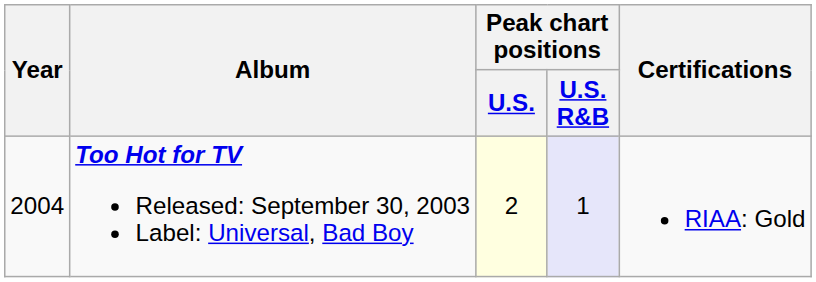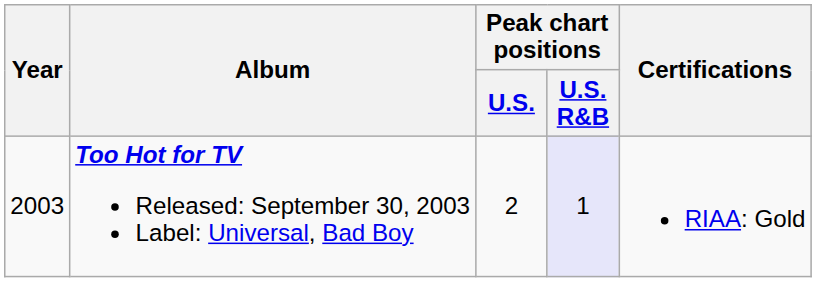 <table class="wikitable">
 <tr>
 <th rowspan="2">Year</th>
 <th rowspan="2">Album</th>
 <th colspan="2">Peak chart positions</th>
 <th rowspan="2">Certifications</th>
 </tr>
 <tr>
 <th width=40><a href='#'>U.S.</a></th>
 <th width=40><a href='#'>U.S. R&B</a></th>
 </tr>
 <tr>
-<td>2004</td>
+<td>2003</td>
 <td><strong><em><a href='#'>Too Hot for TV</a></em></strong><br><ul><li>Released: September 30, 2003</li><li>Label: <a href='#'>Universal</a>, <a href='#'>Bad Boy</a></li></ul></td>
-<td style="background: lightyellow; text-align:center;">2</td>
+<td style="text-align:center;">2</td>
 <td style="background: lavender; text-align:center;">1</td>
 <td><br><ul><li><a href='#'>RIAA</a>: Gold</li></ul></td>
 </tr>
 </table>
